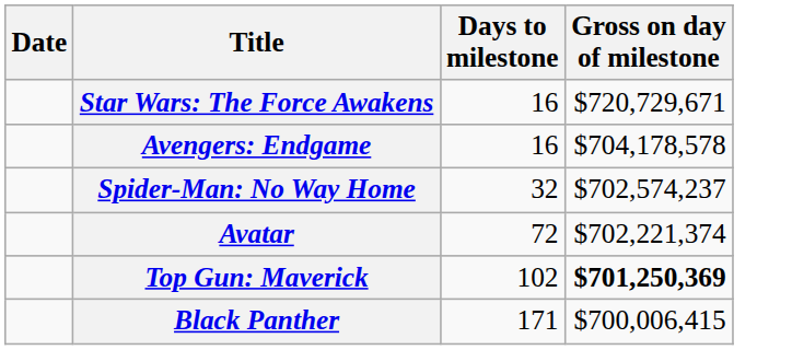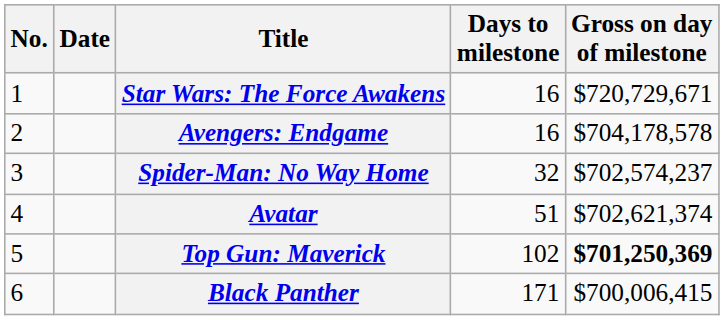 <table class="wikitable">
 <tr>
+<th scope="col">No.</th>
 <th scope="col">Date</th>
 <th scope="col">Title</th>
 <th scope="col">Days to <br>milestone</th>
 <th scope="col">Gross on day <br>of milestone</th>
 </tr>
 <tr>
+<td>1</td>
 <td></td>
 <th scope="row"><em><a href='#'>Star Wars: The Force Awakens</a></em></th>
 <td style="text-align:right;">16</td>
 <td style="text-align:right;">$720,729,671</td>
 </tr>
 <tr>
+<td>2</td>
 <td></td>
 <th scope="row"><em><a href='#'>Avengers: Endgame</a></em></th>
 <td style="text-align:right;">16</td>
 <td style="text-align:right;">$704,178,578</td>
 </tr>
 <tr>
+<td>3</td>
 <td></td>
 <th scope="row"><em><a href='#'>Spider-Man: No Way Home</a></em></th>
 <td style="text-align:right;">32</td>
 <td style="text-align:right;">$702,574,237</td>
 </tr>
 <tr>
+<td>4</td>
 <td></td>
 <th scope="row"><em><a href='#'>Avatar</a></em></th>
-<td style="text-align:right;">72</td>
-<td style="text-align:right;">$702,221,374</td>
+<td style="text-align:right;">51</td>
+<td style="text-align:right;">$702,621,374</td>
 </tr>
 <tr>
+<td>5</td>
 <td></td>
 <th scope="row"><em><a href='#'>Top Gun: Maverick</a></em></th>
 <td style="text-align:right;">102</td>
 <td style="text-align:right;"><strong>$701,250,369</strong></td>
 </tr>
 <tr>
+<td>6</td>
 <td></td>
 <th scope="row"><em><a href='#'>Black Panther</a></em></th>
 <td style="text-align:right;">171</td>
 <td style="text-align:right;">$700,006,415</td>
 </tr>
 </table>
